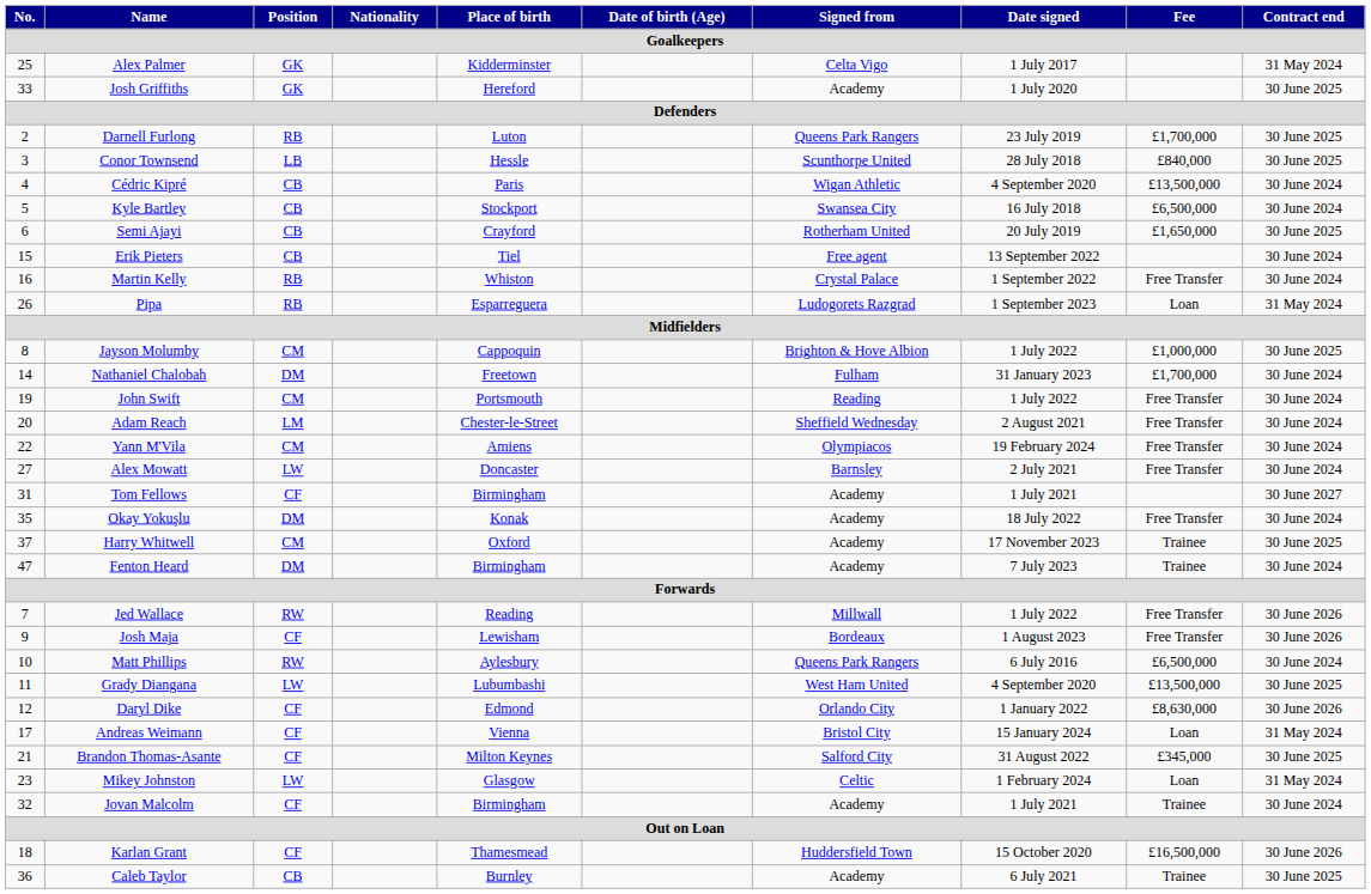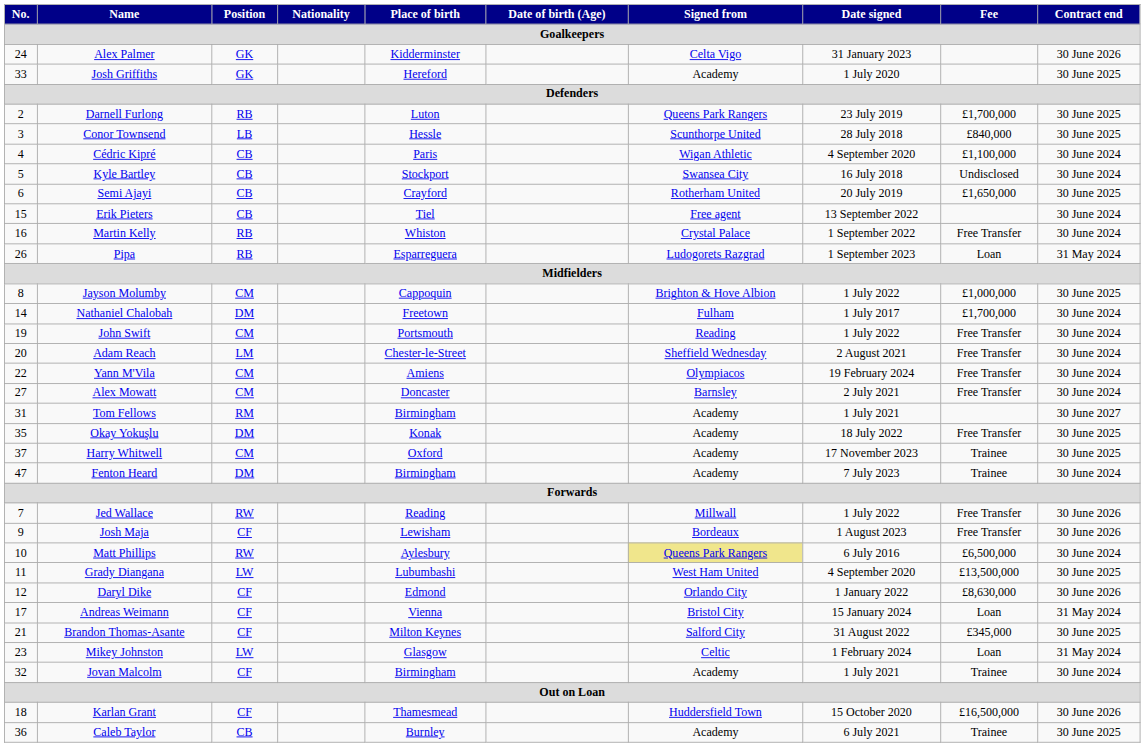 <table class="wikitable" style="text-align:center; font-size:84.5%; width:101%;">
 <tr>
 <th style="color:white; background:#008; text-align:center;">No.</th>
 <th style="color:white; background:#008; text-align:center;">Name</th>
 <th style="color:white; background:#008; text-align:center;">Position</th>
 <th style="color:white; background:#008; text-align:center;">Nationality</th>
 <th style="color:white; background:#008; text-align:center;">Place of birth</th>
 <th style="color:white; background:#008; text-align:center;">Date of birth (Age)</th>
 <th style="color:white; background:#008; text-align:center;">Signed from</th>
 <th style="color:white; background:#008; text-align:center;">Date signed</th>
 <th style="color:white; background:#008; text-align:center;">Fee</th>
 <th style="color:white; background:#008; text-align:center;">Contract end</th>
 </tr>
 <tr>
 <th colspan="14" style="background:#dcdcdc; tepxt-align:center;">Goalkeepers</th>
 </tr>
 <tr>
-<td>25</td>
+<td>24</td>
 <td><a href='#'>Alex Palmer</a></td>
 <td><a href='#'>GK</a></td>
 <td></td>
 <td><a href='#'>Kidderminster</a></td>
 <td></td>
 <td> <a href='#'>Celta Vigo</a></td>
-<td>1 July 2017</td>
+<td>31 January 2023</td>
 <td></td>
-<td>31 May 2024</td>
+<td>30 June 2026</td>
 </tr>
 <tr>
 <td>33</td>
 <td><a href='#'>Josh Griffiths</a></td>
 <td><a href='#'>GK</a></td>
 <td></td>
 <td><a href='#'>Hereford</a></td>
 <td></td>
 <td>Academy</td>
 <td>1 July 2020</td>
 <td></td>
 <td>30 June 2025</td>
 </tr>
 <tr>
 <th colspan="14" style="background:#dcdcdc; tepxt-align:center;">Defenders</th>
 </tr>
 <tr>
 <td>2</td>
 <td><a href='#'>Darnell Furlong</a></td>
 <td><a href='#'>RB</a></td>
 <td></td>
 <td><a href='#'>Luton</a></td>
 <td></td>
 <td><a href='#'>Queens Park Rangers</a></td>
 <td>23 July 2019</td>
 <td>£1,700,000</td>
 <td>30 June 2025</td>
 </tr>
 <tr>
 <td>3</td>
 <td><a href='#'>Conor Townsend</a></td>
 <td><a href='#'>LB</a></td>
 <td></td>
 <td><a href='#'>Hessle</a></td>
 <td></td>
 <td><a href='#'>Scunthorpe United</a></td>
 <td>28 July 2018</td>
 <td>£840,000</td>
 <td>30 June 2025</td>
 </tr>
 <tr>
 <td>4</td>
 <td><a href='#'>Cédric Kipré</a></td>
 <td><a href='#'>CB</a></td>
 <td></td>
 <td> <a href='#'>Paris</a></td>
 <td></td>
 <td><a href='#'>Wigan Athletic</a></td>
 <td>4 September 2020</td>
-<td>£13,500,000</td>
+<td>£1,100,000</td>
 <td>30 June 2024</td>
 </tr>
 <tr>
 <td>5</td>
 <td><a href='#'>Kyle Bartley</a></td>
 <td><a href='#'>CB</a></td>
 <td></td>
 <td><a href='#'>Stockport</a></td>
 <td></td>
 <td><a href='#'>Swansea City</a></td>
 <td>16 July 2018</td>
-<td>£6,500,000</td>
+<td>Undisclosed</td>
 <td>30 June 2024</td>
 </tr>
 <tr>
 <td>6</td>
 <td><a href='#'>Semi Ajayi</a></td>
 <td><a href='#'>CB</a></td>
 <td></td>
 <td> <a href='#'>Crayford</a></td>
 <td></td>
 <td><a href='#'>Rotherham United</a></td>
 <td>20 July 2019</td>
 <td>£1,650,000</td>
 <td>30 June 2025</td>
 </tr>
 <tr>
 <td>15</td>
 <td><a href='#'>Erik Pieters</a></td>
 <td><a href='#'>CB</a></td>
 <td></td>
 <td><a href='#'>Tiel</a></td>
 <td></td>
 <td><a href='#'>Free agent</a></td>
 <td>13 September 2022</td>
 <td></td>
 <td>30 June 2024</td>
 </tr>
 <tr>
 <td>16</td>
 <td><a href='#'>Martin Kelly</a></td>
 <td><a href='#'>RB</a></td>
 <td></td>
 <td><a href='#'>Whiston</a></td>
 <td></td>
 <td><a href='#'>Crystal Palace</a></td>
 <td>1 September 2022</td>
 <td>Free Transfer</td>
 <td>30 June 2024</td>
 </tr>
 <tr>
 <td>26</td>
 <td><a href='#'>Pipa</a></td>
 <td><a href='#'>RB</a></td>
 <td></td>
 <td><a href='#'>Esparreguera</a></td>
 <td></td>
 <td><a href='#'>Ludogorets Razgrad</a></td>
 <td>1 September 2023</td>
 <td>Loan</td>
 <td>31 May 2024</td>
 </tr>
 <tr>
 <th colspan="14" style="background:#dcdcdc; tepxt-align:center;">Midfielders</th>
 </tr>
 <tr>
 <td>8</td>
 <td><a href='#'>Jayson Molumby</a></td>
 <td><a href='#'>CM</a></td>
 <td></td>
 <td><a href='#'>Cappoquin</a></td>
 <td></td>
 <td><a href='#'>Brighton & Hove Albion</a></td>
 <td>1 July 2022</td>
 <td>£1,000,000</td>
 <td>30 June 2025</td>
 </tr>
 <tr>
 <td>14</td>
 <td><a href='#'>Nathaniel Chalobah</a></td>
 <td><a href='#'>DM</a></td>
 <td></td>
 <td> <a href='#'>Freetown</a></td>
 <td></td>
 <td><a href='#'>Fulham</a></td>
-<td>31 January 2023</td>
+<td>1 July 2017</td>
 <td>£1,700,000</td>
 <td>30 June 2024</td>
 </tr>
 <tr>
 <td>19</td>
 <td><a href='#'>John Swift</a></td>
 <td><a href='#'>CM</a></td>
 <td></td>
 <td><a href='#'>Portsmouth</a></td>
 <td></td>
 <td><a href='#'>Reading</a></td>
 <td>1 July 2022</td>
 <td>Free Transfer</td>
 <td>30 June 2024</td>
 </tr>
 <tr>
 <td>20</td>
 <td><a href='#'>Adam Reach</a></td>
 <td><a href='#'>LM</a></td>
 <td></td>
 <td><a href='#'>Chester-le-Street</a></td>
 <td></td>
 <td><a href='#'>Sheffield Wednesday</a></td>
 <td>2 August 2021</td>
 <td>Free Transfer</td>
 <td>30 June 2024</td>
 </tr>
 <tr>
 <td>22</td>
 <td><a href='#'>Yann M'Vila</a></td>
 <td><a href='#'>CM</a></td>
 <td></td>
 <td><a href='#'>Amiens</a></td>
 <td></td>
 <td> <a href='#'>Olympiacos</a></td>
 <td>19 February 2024</td>
 <td>Free Transfer</td>
 <td>30 June 2024</td>
 </tr>
 <tr>
 <td>27</td>
 <td><a href='#'>Alex Mowatt</a></td>
-<td><a href='#'>LW</a></td>
+<td><a href='#'>CM</a></td>
 <td></td>
 <td><a href='#'>Doncaster</a></td>
 <td></td>
 <td><a href='#'>Barnsley</a></td>
 <td>2 July 2021</td>
 <td>Free Transfer</td>
 <td>30 June 2024</td>
 </tr>
 <tr>
 <td>31</td>
 <td><a href='#'>Tom Fellows</a></td>
-<td><a href='#'>CF</a></td>
+<td><a href='#'>RM</a></td>
 <td></td>
 <td><a href='#'>Birmingham</a></td>
 <td></td>
 <td>Academy</td>
 <td>1 July 2021</td>
 <td></td>
 <td>30 June 2027</td>
 </tr>
 <tr>
 <td>35</td>
 <td><a href='#'>Okay Yokuşlu</a></td>
 <td><a href='#'>DM</a></td>
 <td></td>
 <td><a href='#'>Konak</a></td>
 <td></td>
 <td>Academy</td>
 <td>18 July 2022</td>
 <td>Free Transfer</td>
-<td>30 June 2024</td>
+<td>30 June 2025</td>
 </tr>
 <tr>
 <td>37</td>
 <td><a href='#'>Harry Whitwell</a></td>
 <td><a href='#'>CM</a></td>
 <td></td>
 <td><a href='#'>Oxford</a></td>
 <td></td>
 <td>Academy</td>
 <td>17 November 2023</td>
 <td>Trainee</td>
 <td>30 June 2025</td>
 </tr>
 <tr>
 <td>47</td>
 <td><a href='#'>Fenton Heard</a></td>
 <td><a href='#'>DM</a></td>
 <td></td>
 <td><a href='#'>Birmingham</a></td>
 <td></td>
 <td>Academy</td>
 <td>7 July 2023</td>
 <td>Trainee</td>
 <td>30 June 2024</td>
 </tr>
 <tr>
 <th colspan="14" style="background:#dcdcdc; tepxt-align:center;">Forwards</th>
 </tr>
 <tr>
 <td>7</td>
 <td><a href='#'>Jed Wallace</a></td>
 <td><a href='#'>RW</a></td>
 <td></td>
 <td><a href='#'>Reading</a></td>
 <td></td>
 <td><a href='#'>Millwall</a></td>
 <td>1 July 2022</td>
 <td>Free Transfer</td>
 <td>30 June 2026</td>
 </tr>
 <tr>
 <td>9</td>
 <td><a href='#'>Josh Maja</a></td>
 <td><a href='#'>CF</a></td>
 <td></td>
 <td> <a href='#'>Lewisham</a></td>
 <td></td>
 <td> <a href='#'>Bordeaux</a></td>
 <td>1 August 2023</td>
 <td>Free Transfer</td>
 <td>30 June 2026</td>
 </tr>
 <tr>
 <td>10</td>
 <td><a href='#'>Matt Phillips</a></td>
 <td><a href='#'>RW</a></td>
 <td></td>
 <td> <a href='#'>Aylesbury</a></td>
 <td></td>
-<td><a href='#'>Queens Park Rangers</a></td>
+<td style="background: khaki;"><a href='#'>Queens Park Rangers</a></td>
 <td>6 July 2016</td>
 <td>£6,500,000</td>
 <td>30 June 2024</td>
 </tr>
 <tr>
 <td>11</td>
 <td><a href='#'>Grady Diangana</a></td>
 <td><a href='#'>LW</a></td>
 <td></td>
 <td><a href='#'>Lubumbashi</a></td>
 <td></td>
 <td><a href='#'>West Ham United</a></td>
 <td>4 September 2020</td>
 <td>£13,500,000</td>
 <td>30 June 2025</td>
 </tr>
 <tr>
 <td>12</td>
 <td><a href='#'>Daryl Dike</a></td>
 <td><a href='#'>CF</a></td>
 <td></td>
 <td><a href='#'>Edmond</a></td>
 <td></td>
 <td> <a href='#'>Orlando City</a></td>
 <td>1 January 2022</td>
 <td>£8,630,000</td>
 <td>30 June 2026</td>
 </tr>
 <tr>
 <td>17</td>
 <td><a href='#'>Andreas Weimann</a></td>
 <td><a href='#'>CF</a></td>
 <td></td>
 <td><a href='#'>Vienna</a></td>
 <td></td>
 <td><a href='#'>Bristol City</a></td>
 <td>15 January 2024</td>
 <td>Loan</td>
 <td>31 May 2024</td>
 </tr>
 <tr>
 <td>21</td>
 <td><a href='#'>Brandon Thomas-Asante</a></td>
 <td><a href='#'>CF</a></td>
 <td></td>
 <td> <a href='#'>Milton Keynes</a></td>
 <td></td>
 <td><a href='#'>Salford City</a></td>
 <td>31 August 2022</td>
 <td>£345,000</td>
 <td>30 June 2025</td>
 </tr>
 <tr>
 <td>23</td>
 <td><a href='#'>Mikey Johnston</a></td>
 <td><a href='#'>LW</a></td>
 <td></td>
 <td> <a href='#'>Glasgow</a></td>
 <td></td>
 <td> <a href='#'>Celtic</a></td>
 <td>1 February 2024</td>
 <td>Loan</td>
 <td>31 May 2024</td>
 </tr>
 <tr>
 <td>32</td>
 <td><a href='#'>Jovan Malcolm</a></td>
 <td><a href='#'>CF</a></td>
 <td></td>
 <td><a href='#'>Birmingham</a></td>
 <td></td>
 <td>Academy</td>
 <td>1 July 2021</td>
 <td>Trainee</td>
 <td>30 June 2024</td>
 </tr>
 <tr>
 <th colspan="14" style="background:#dcdcdc; tepxt-align:center;">Out on Loan</th>
 </tr>
 <tr>
 <td>18</td>
 <td><a href='#'>Karlan Grant</a></td>
 <td><a href='#'>CF</a></td>
 <td></td>
 <td><a href='#'>Thamesmead</a></td>
 <td></td>
 <td><a href='#'>Huddersfield Town</a></td>
 <td>15 October 2020</td>
 <td>£16,500,000</td>
 <td>30 June 2026</td>
 </tr>
 <tr>
 <td>36</td>
 <td><a href='#'>Caleb Taylor</a></td>
 <td><a href='#'>CB</a></td>
 <td></td>
 <td><a href='#'>Burnley</a></td>
 <td></td>
 <td>Academy</td>
 <td>6 July 2021</td>
 <td>Trainee</td>
 <td>30 June 2025</td>
 </tr>
 </table>
